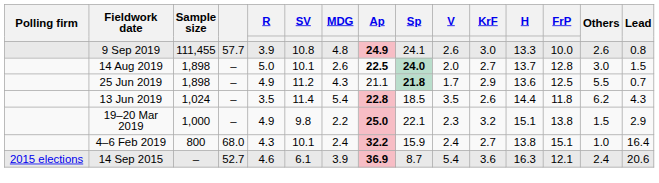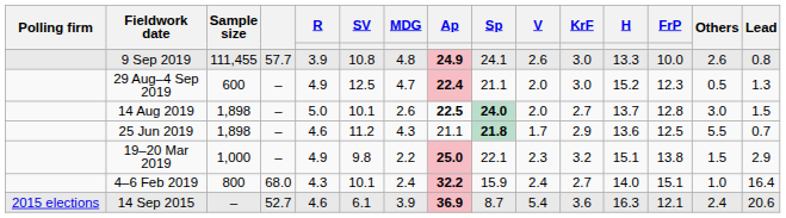 <table class="wikitable sortable" style="text-align:center;font-size:90%;line-height:14px;">
 <tr style="height:40px;">
 <th style="width:100px;" rowspan="2">Polling firm</th>
 <th style="width:100px;" rowspan="2">Fieldwork date</th>
 <th style="width:35px;" rowspan="2">Sample<br>size</th>
 <th style="width:30px;" rowspan="2"></th>
 <th class="unsortable" style="width:40px;"><a href='#'>R</a></th>
 <th class="unsortable" style="width:40px;"><a href='#'>SV</a></th>
 <th class="unsortable" style="width:40px;"><a href='#'>MDG</a></th>
 <th class="unsortable" style="width:40px;"><a href='#'>Ap</a></th>
 <th class="unsortable" style="width:40px;"><a href='#'>Sp</a></th>
 <th class="unsortable" style="width:40px;"><a href='#'>V</a></th>
 <th class="unsortable" style="width:40px;"><a href='#'>KrF</a></th>
 <th class="unsortable" style="width:40px;"><a href='#'>H</a></th>
 <th class="unsortable" style="width:40px;"><a href='#'>FrP</a></th>
 <th class="unsortable" style="width:30px;" rowspan="2">Others</th>
 <th style="width:30px;" rowspan="2">Lead</th>
 </tr>
 <tr>
 <th style="background:"></th>
 <th style="background:"></th>
 <th style="background:"></th>
 <th style="background:"></th>
 <th style="background:"></th>
 <th style="background:"></th>
 <th style="background:"></th>
 <th style="background:"></th>
 <th style="background:"></th>
 </tr>
 <tr style="background:#E9E9E9;">
 <td></td>
 <td data-sort-value="2019-09-09">9 Sep 2019</td>
 <td>111,455</td>
 <td>57.7</td>
 <td>3.9</td>
 <td>10.8</td>
 <td>4.8</td>
 <td style="background:#F7BDC5;"><strong>24.9</strong></td>
 <td>24.1</td>
 <td>2.6</td>
 <td>3.0</td>
 <td>13.3</td>
 <td>10.0</td>
 <td>2.6</td>
 <td style="background:">0.8</td>
 </tr>
 <tr>
 <td></td>
+<td data-sort-value="2019-09-06">29 Aug–4 Sep 2019</td>
+<td>600</td>
+<td>–</td>
+<td>4.9</td>
+<td>12.5</td>
+<td>4.7</td>
+<td style="background:#F7BDC5;"><strong>22.4</strong></td>
+<td>21.1</td>
+<td>2.0</td>
+<td>3.0</td>
+<td>15.2</td>
+<td>12.3</td>
+<td>0.5</td>
+<td style="background:">1.3</td>
+</tr>
+<tr>
+<td></td>
 <td data-sort-value="2019-08-19">14 Aug 2019</td>
 <td>1,898</td>
 <td>–</td>
 <td>5.0</td>
 <td>10.1</td>
 <td>2.6</td>
 <td><strong>22.5</strong></td>
 <td style="background:#BADECC;"><strong>24.0</strong></td>
 <td>2.0</td>
 <td>2.7</td>
 <td>13.7</td>
 <td>12.8</td>
 <td>3.0</td>
 <td style="background:">1.5</td>
 </tr>
 <tr>
 <td></td>
 <td data-sort-value="2019-06-25">25 Jun 2019</td>
 <td>1,898</td>
 <td>–</td>
-<td>4.9</td>
+<td>4.6</td>
 <td>11.2</td>
 <td>4.3</td>
 <td>21.1</td>
 <td style="background:#BADECC;"><strong>21.8</strong></td>
 <td>1.7</td>
 <td>2.9</td>
 <td>13.6</td>
 <td>12.5</td>
 <td>5.5</td>
 <td style="background:">0.7</td>
-</tr>
-<tr>
-<td></td>
-<td data-sort-value="2019-06-13">13 Jun 2019</td>
-<td>1,024</td>
-<td>–</td>
-<td>3.5</td>
-<td>11.4</td>
-<td>5.4</td>
-<td style="background:#F7BDC5;"><strong>22.8</strong></td>
-<td>18.5</td>
-<td>3.5</td>
-<td>2.6</td>
-<td>14.4</td>
-<td>11.8</td>
-<td>6.2</td>
-<td style="background:">4.3</td>
 </tr>
 <tr>
 <td></td>
 <td data-sort-value="2019-03-20">19–20 Mar 2019</td>
 <td>1,000</td>
 <td>–</td>
 <td>4.9</td>
 <td>9.8</td>
 <td>2.2</td>
 <td style="background:#F7BDC5;"><strong>25.0</strong></td>
 <td>22.1</td>
 <td>2.3</td>
 <td>3.2</td>
 <td>15.1</td>
 <td>13.8</td>
 <td>1.5</td>
 <td style="background:">2.9</td>
 </tr>
 <tr>
 <td></td>
 <td data-sort-value="2019-02-06">4–6 Feb 2019</td>
 <td>800</td>
 <td>68.0</td>
 <td>4.3</td>
 <td>10.1</td>
 <td>2.4</td>
 <td style="background:#F7BDC5;"><strong>32.2</strong></td>
 <td>15.9</td>
 <td>2.4</td>
 <td>2.7</td>
-<td>13.8</td>
+<td>14.0</td>
 <td>15.1</td>
 <td>1.0</td>
 <td style="background:">16.4</td>
 </tr>
 <tr style="background:#E9E9E9;">
 <td><a href='#'>2015 elections</a></td>
 <td data-sort-value="2015-09-14">14 Sep 2015</td>
 <td>–</td>
 <td>52.7</td>
 <td>4.6</td>
 <td>6.1</td>
 <td>3.9</td>
 <td style="background:#F7BDC5;"><strong>36.9</strong></td>
 <td>8.7</td>
 <td>5.4</td>
 <td>3.6</td>
 <td>16.3</td>
 <td>12.1</td>
 <td>2.4</td>
 <td style="background:">20.6</td>
 </tr>
 </table>
